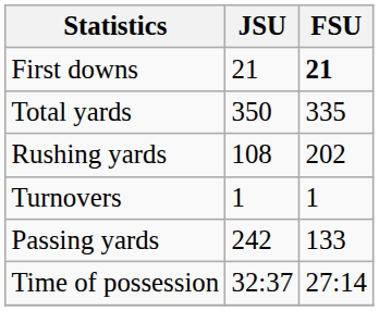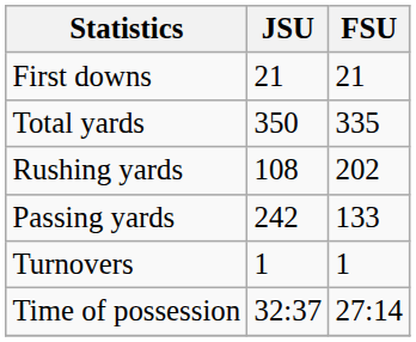 <table class="wikitable">
 <tr>
 <th>Statistics</th>
 <th>JSU</th>
 <th>FSU</th>
 </tr>
 <tr>
 <td>First downs</td>
 <td>21</td>
-<td><strong>21</strong></td>
+<td>21</td>
 </tr>
 <tr>
 <td>Total yards</td>
 <td>350</td>
 <td>335</td>
 </tr>
 <tr>
 <td>Rushing yards</td>
 <td>108</td>
 <td>202</td>
 </tr>
 <tr>
+<td>Passing yards</td>
+<td>242</td>
+<td>133</td>
+</tr>
+<tr>
 <td>Turnovers</td>
 <td>1</td>
 <td>1</td>
-</tr>
-<tr>
-<td>Passing yards</td>
-<td>242</td>
-<td>133</td>
 </tr>
 <tr>
 <td>Time of possession</td>
 <td>32:37</td>
 <td>27:14</td>
 </tr>
 <tr>
 </tr>
 </table>
